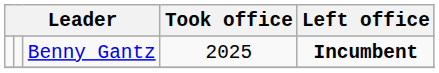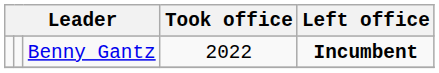 <table class="wikitable" style="text-align: center;">
 <tr>
 <th colspan="3">Leader</th>
 <th>Took office</th>
 <th>Left office</th>
 </tr>
 <tr>
 <td style="background: "></td>
 <td></td>
 <td><a href='#'>Benny Gantz</a></td>
-<td>2025</td>
+<td>2022</td>
 <td><strong>Incumbent</strong></td>
 </tr>
 <tr>
 </tr>
 </table>
